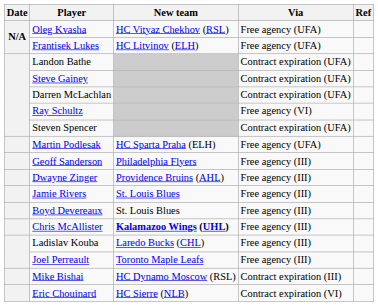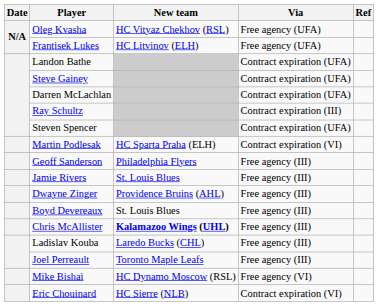 <table class="wikitable plainrowheaders">
 <tr style="background:#ddd; text-align:center;">
 <th>Date</th>
 <th>Player</th>
 <th>New team</th>
 <th>Via</th>
 <th>Ref</th>
 </tr>
 <tr>
 <th scope="row" rowspan=2>N/A</th>
 <td><a href='#'>Oleg Kvasha</a></td>
 <td><a href='#'>HC Vityaz Chekhov</a> (<a href='#'>RSL</a>)</td>
 <td>Free agency (UFA)</td>
 <td></td>
 </tr>
 <tr>
 <td><a href='#'>Frantisek Lukes</a></td>
 <td><a href='#'>HC Litvinov</a> (<a href='#'>ELH</a>)</td>
 <td>Free agency (UFA)</td>
 <td></td>
 </tr>
 <tr>
 <th scope="row" rowspan=5></th>
 <td>Landon Bathe</td>
 <td style="background:#ccc"></td>
 <td>Contract expiration (UFA)</td>
 <td></td>
 </tr>
 <tr>
 <td><a href='#'>Steve Gainey</a></td>
 <td style="background:#ccc"></td>
 <td>Contract expiration (UFA)</td>
 <td></td>
 </tr>
 <tr>
 <td>Darren McLachlan</td>
 <td style="background:#ccc"></td>
 <td>Contract expiration (UFA)</td>
 <td></td>
 </tr>
 <tr>
 <td><a href='#'>Ray Schultz</a></td>
 <td style="background:#ccc"></td>
-<td>Free agency (VI)</td>
+<td>Contract expiration (III)</td>
 <td></td>
 </tr>
 <tr>
 <td>Steven Spencer</td>
 <td style="background:#ccc"></td>
 <td>Contract expiration (UFA)</td>
 <td></td>
 </tr>
 <tr>
 <th scope="row"></th>
 <td><a href='#'>Martin Podlesak</a></td>
 <td><a href='#'>HC Sparta Praha</a> (ELH)</td>
-<td>Free agency (UFA)</td>
+<td>Contract expiration (VI)</td>
 <td></td>
 </tr>
 <tr>
 <th scope="row"></th>
 <td><a href='#'>Geoff Sanderson</a></td>
 <td><a href='#'>Philadelphia Flyers</a></td>
 <td>Free agency (III)</td>
 <td></td>
 </tr>
 <tr>
 <th scope="row"></th>
-<td><a href='#'>Dwayne Zinger</a></td>
-<td><a href='#'>Providence Bruins</a> (<a href='#'>AHL</a>)</td>
+<td><a href='#'>Jamie Rivers</a></td>
+<td><a href='#'>St. Louis Blues</a></td>
 <td>Free agency (III)</td>
 <td></td>
 </tr>
 <tr>
 <th scope="row"></th>
-<td><a href='#'>Jamie Rivers</a></td>
-<td><a href='#'>St. Louis Blues</a></td>
+<td><a href='#'>Dwayne Zinger</a></td>
+<td><a href='#'>Providence Bruins</a> (<a href='#'>AHL</a>)</td>
 <td>Free agency (III)</td>
 <td></td>
 </tr>
 <tr>
 <th scope="row"></th>
 <td><a href='#'>Boyd Devereaux</a></td>
 <td>St. Louis Blues</td>
 <td>Free agency (III)</td>
 <td></td>
 </tr>
 <tr>
 <th scope="row"></th>
 <td><a href='#'>Chris McAllister</a></td>
 <td><strong><a href='#'>Kalamazoo Wings</a> (<a href='#'>UHL</a>)</strong></td>
 <td>Free agency (III)</td>
 <td></td>
 </tr>
 <tr>
 <th scope="row" rowspan=2></th>
 <td>Ladislav Kouba</td>
 <td><a href='#'>Laredo Bucks</a> (<a href='#'>CHL</a>)</td>
 <td>Free agency (III)</td>
 <td></td>
 </tr>
 <tr>
 <td><a href='#'>Joel Perreault</a></td>
 <td><a href='#'>Toronto Maple Leafs</a></td>
 <td>Free agency (III)</td>
 <td></td>
 </tr>
 <tr>
 <th scope="row"></th>
 <td><a href='#'>Mike Bishai</a></td>
 <td><a href='#'>HC Dynamo Moscow</a> (RSL)</td>
-<td>Contract expiration (III)</td>
+<td>Free agency (VI)</td>
 <td></td>
 </tr>
 <tr>
 <th scope="row"></th>
 <td><a href='#'>Eric Chouinard</a></td>
 <td><a href='#'>HC Sierre</a> (<a href='#'>NLB</a>)</td>
 <td>Contract expiration (VI)</td>
 <td></td>
 </tr>
 </table>
